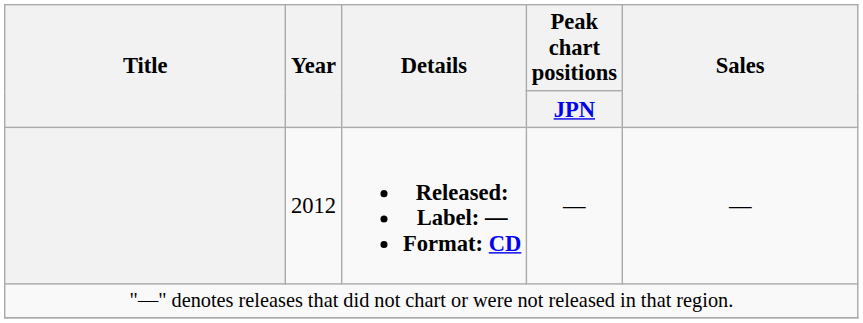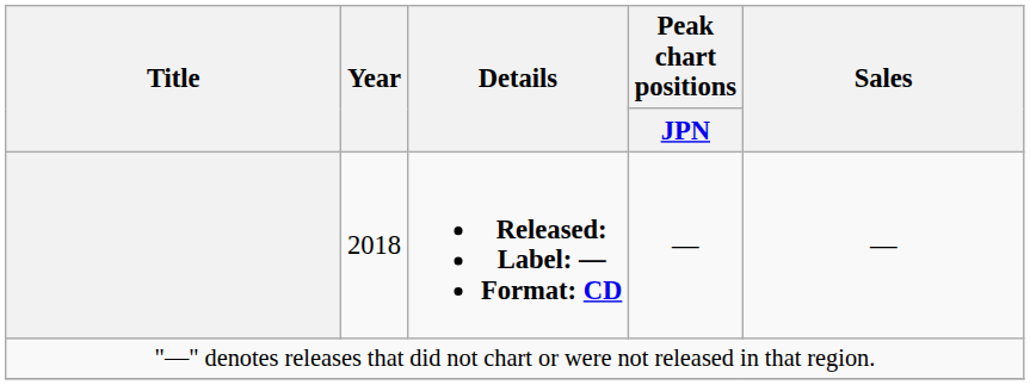 <table class="wikitable plainrowheaders" style="text-align:center;">
 <tr>
 <th rowspan="2" style="width:12em;">Title</th>
 <th rowspan="2">Year</th>
 <th rowspan="2">Details</th>
 <th colspan="1">Peak chart positions</th>
 <th rowspan="2" style="width:10em;">Sales</th>
 </tr>
 <tr>
 <th width="30"><a href='#'>JPN</a></th>
 </tr>
 <tr>
 <th scope="row"></th>
-<td>2012</td>
+<td>2018</td>
 <td><strong><br><ul><li>Released: </li><li>Label: —</li><li>Format: <a href='#'>CD</a></li></ul></strong></td>
 <td>—</td>
 <td>—</td>
 </tr>
 <tr>
 <td colspan="5" style="font-size:90%;">"—" denotes releases that did not chart or were not released in that region.</td>
 </tr>
 <tr>
 </tr>
 </table>
